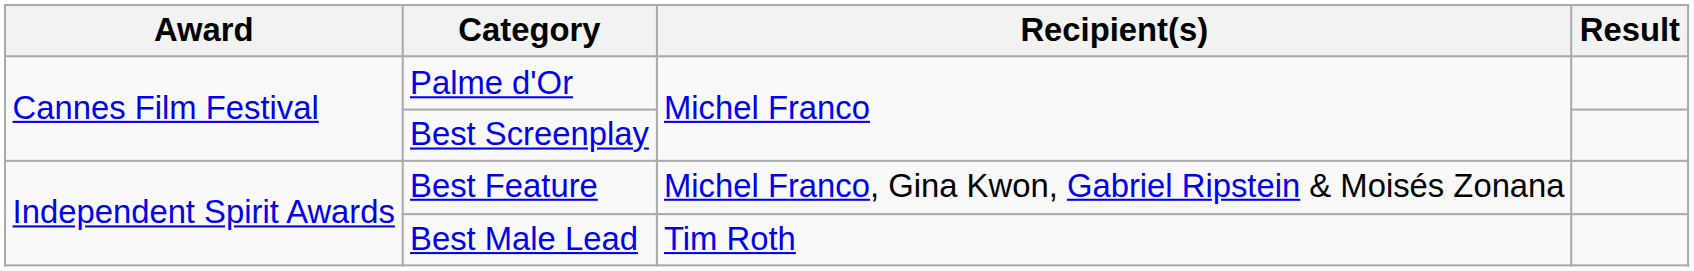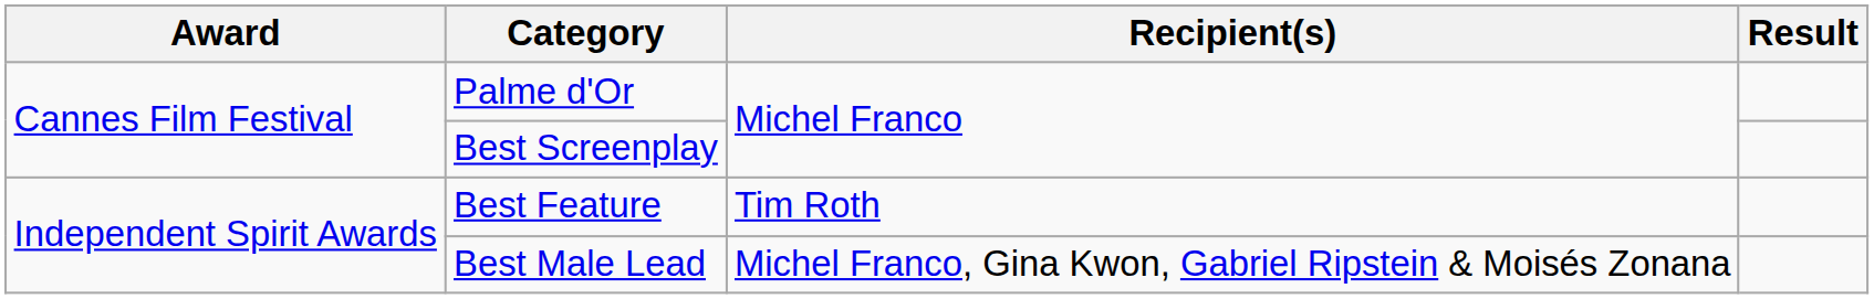 <table class="wikitable sortable">
 <tr>
 <th>Award</th>
 <th>Category</th>
 <th>Recipient(s)</th>
 <th>Result</th>
 </tr>
 <tr>
 <td rowspan="2"><a href='#'>Cannes Film Festival</a></td>
 <td><a href='#'>Palme d'Or</a></td>
 <td rowspan="2"><a href='#'>Michel Franco</a></td>
 <td></td>
 </tr>
 <tr>
 <td><a href='#'>Best Screenplay</a></td>
 <td></td>
 </tr>
 <tr>
 <td rowspan="2"><a href='#'>Independent Spirit Awards</a></td>
 <td><a href='#'>Best Feature</a></td>
-<td><a href='#'>Michel Franco</a>, Gina Kwon, <a href='#'>Gabriel Ripstein</a> & Moisés Zonana</td>
+<td><a href='#'>Tim Roth</a></td>
 <td></td>
 </tr>
 <tr>
 <td><a href='#'>Best Male Lead</a></td>
-<td><a href='#'>Tim Roth</a></td>
+<td><a href='#'>Michel Franco</a>, Gina Kwon, <a href='#'>Gabriel Ripstein</a> & Moisés Zonana</td>
 <td></td>
 </tr>
 </table>
